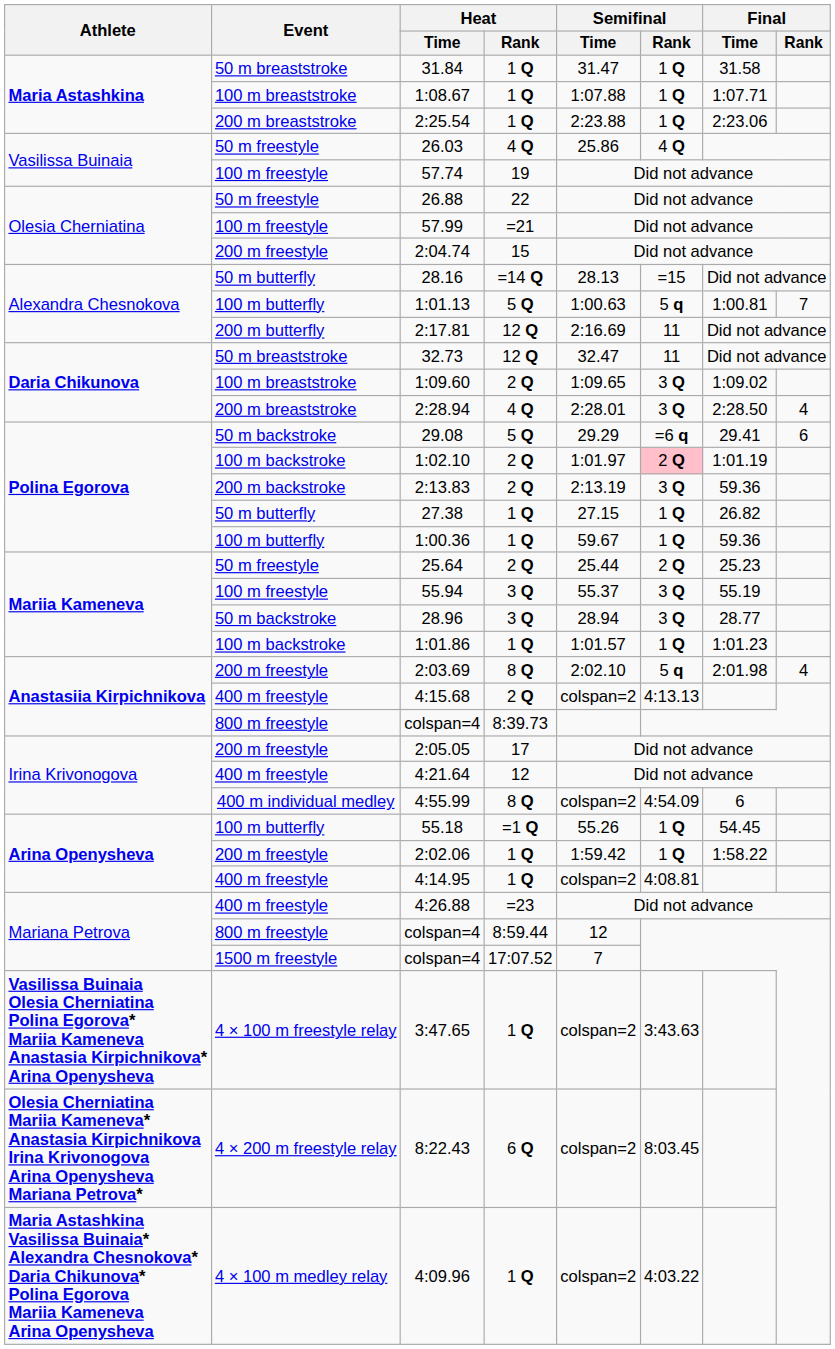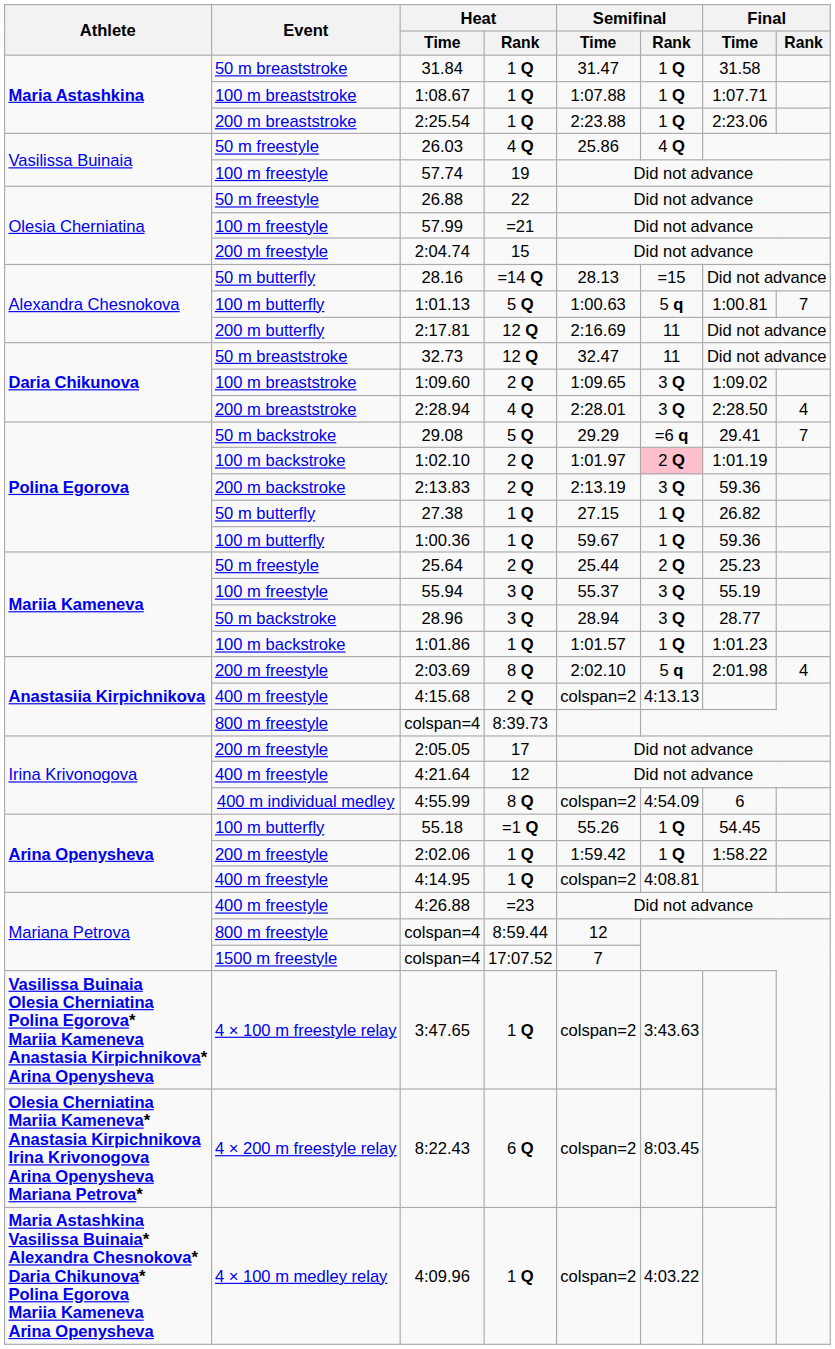 <table class="wikitable" style="text-align:center; font-size:90%">
 <tr>
 <th rowspan=2>Athlete</th>
 <th rowspan=2>Event</th>
 <th colspan=2>Heat</th>
 <th colspan=2>Semifinal</th>
 <th colspan=2>Final</th>
 </tr>
 <tr style="font-size:95%">
 <th>Time</th>
 <th>Rank</th>
 <th>Time</th>
 <th>Rank</th>
 <th>Time</th>
 <th>Rank</th>
 </tr>
 <tr>
 <td rowspan=3 align=left><strong><a href='#'>Maria Astashkina</a></strong></td>
 <td align=left><a href='#'>50 m breaststroke</a></td>
 <td>31.84</td>
 <td>1 <strong>Q</strong></td>
 <td>31.47</td>
 <td>1 <strong>Q</strong></td>
 <td>31.58</td>
 <td></td>
 </tr>
 <tr>
 <td align=left><a href='#'>100 m breaststroke</a></td>
 <td>1:08.67</td>
 <td>1 <strong>Q</strong></td>
 <td>1:07.88</td>
 <td>1 <strong>Q</strong></td>
 <td>1:07.71</td>
 <td></td>
 </tr>
 <tr>
 <td align=left><a href='#'>200 m breaststroke</a></td>
 <td>2:25.54</td>
 <td>1 <strong>Q</strong></td>
 <td>2:23.88</td>
 <td>1 <strong>Q</strong></td>
 <td>2:23.06</td>
 <td></td>
 </tr>
 <tr>
 <td rowspan=2 align=left><a href='#'>Vasilissa Buinaia</a></td>
 <td align=left><a href='#'>50 m freestyle</a></td>
 <td>26.03</td>
 <td>4 <strong>Q</strong></td>
 <td>25.86</td>
 <td>4 <strong>Q</strong></td>
 <td colspan=2></td>
 </tr>
 <tr>
 <td align=left><a href='#'>100 m freestyle</a></td>
 <td>57.74</td>
 <td>19</td>
 <td colspan=4>Did not advance</td>
 </tr>
 <tr>
 <td rowspan=3 align=left><a href='#'>Olesia Cherniatina</a></td>
 <td align=left><a href='#'>50 m freestyle</a></td>
 <td>26.88</td>
 <td>22</td>
 <td colspan=4>Did not advance</td>
 </tr>
 <tr>
 <td align=left><a href='#'>100 m freestyle</a></td>
 <td>57.99</td>
 <td>=21</td>
 <td colspan=4>Did not advance</td>
 </tr>
 <tr>
 <td align=left><a href='#'>200 m freestyle</a></td>
 <td>2:04.74</td>
 <td>15</td>
 <td colspan=4>Did not advance</td>
 </tr>
 <tr>
 <td rowspan=3 align=left><a href='#'>Alexandra Chesnokova</a></td>
 <td align=left><a href='#'>50 m butterfly</a></td>
 <td>28.16</td>
 <td>=14 <strong>Q</strong></td>
 <td>28.13</td>
 <td>=15</td>
 <td colspan=2>Did not advance</td>
 </tr>
 <tr>
 <td align=left><a href='#'>100 m butterfly</a></td>
 <td>1:01.13</td>
 <td>5 <strong>Q</strong></td>
 <td>1:00.63</td>
 <td>5 <strong>q</strong></td>
 <td>1:00.81</td>
 <td>7</td>
 </tr>
 <tr>
 <td align=left><a href='#'>200 m butterfly</a></td>
 <td>2:17.81</td>
 <td>12 <strong>Q</strong></td>
 <td>2:16.69</td>
 <td>11</td>
 <td colspan=2>Did not advance</td>
 </tr>
 <tr>
 <td rowspan=3 align=left><strong><a href='#'>Daria Chikunova</a></strong></td>
 <td align=left><a href='#'>50 m breaststroke</a></td>
 <td>32.73</td>
 <td>12 <strong>Q</strong></td>
 <td>32.47</td>
 <td>11</td>
 <td colspan=2>Did not advance</td>
 </tr>
 <tr>
 <td align=left><a href='#'>100 m breaststroke</a></td>
 <td>1:09.60</td>
 <td>2 <strong>Q</strong></td>
 <td>1:09.65</td>
 <td>3 <strong>Q</strong></td>
 <td>1:09.02</td>
 <td></td>
 </tr>
 <tr>
 <td align=left><a href='#'>200 m breaststroke</a></td>
 <td>2:28.94</td>
 <td>4 <strong>Q</strong></td>
 <td>2:28.01</td>
 <td>3 <strong>Q</strong></td>
 <td>2:28.50</td>
 <td>4</td>
 </tr>
 <tr>
 <td rowspan=5 align=left><strong><a href='#'>Polina Egorova</a></strong></td>
 <td align=left><a href='#'>50 m backstroke</a></td>
 <td>29.08</td>
 <td>5 <strong>Q</strong></td>
 <td>29.29</td>
 <td>=6 <strong>q</strong></td>
 <td>29.41</td>
-<td>6</td>
+<td>7</td>
 </tr>
 <tr>
 <td align=left><a href='#'>100 m backstroke</a></td>
 <td>1:02.10</td>
 <td>2 <strong>Q</strong></td>
 <td>1:01.97</td>
 <td style="background: pink;">2 <strong>Q</strong></td>
 <td>1:01.19</td>
 <td></td>
 </tr>
 <tr>
 <td align=left><a href='#'>200 m backstroke</a></td>
 <td>2:13.83</td>
 <td>2 <strong>Q</strong></td>
 <td>2:13.19</td>
 <td>3 <strong>Q</strong></td>
 <td>59.36</td>
 <td></td>
 </tr>
 <tr>
 <td align=left><a href='#'>50 m butterfly</a></td>
 <td>27.38</td>
 <td>1 <strong>Q</strong></td>
 <td>27.15</td>
 <td>1 <strong>Q</strong></td>
 <td>26.82</td>
 <td></td>
 </tr>
 <tr>
 <td align=left><a href='#'>100 m butterfly</a></td>
 <td>1:00.36</td>
 <td>1 <strong>Q</strong></td>
 <td>59.67</td>
 <td>1 <strong>Q</strong></td>
 <td>59.36</td>
 <td></td>
 </tr>
 <tr>
 <td rowspan=4 align=left><strong><a href='#'>Mariia Kameneva</a></strong></td>
 <td align=left><a href='#'>50 m freestyle</a></td>
 <td>25.64</td>
 <td>2 <strong>Q</strong></td>
 <td>25.44</td>
 <td>2 <strong>Q</strong></td>
 <td>25.23</td>
 <td></td>
 </tr>
 <tr>
 <td align=left><a href='#'>100 m freestyle</a></td>
 <td>55.94</td>
 <td>3 <strong>Q</strong></td>
 <td>55.37</td>
 <td>3 <strong>Q</strong></td>
 <td>55.19</td>
 <td></td>
 </tr>
 <tr>
 <td align=left><a href='#'>50 m backstroke</a></td>
 <td>28.96</td>
 <td>3 <strong>Q</strong></td>
 <td>28.94</td>
 <td>3 <strong>Q</strong></td>
 <td>28.77</td>
 <td></td>
 </tr>
 <tr>
 <td align=left><a href='#'>100 m backstroke</a></td>
 <td>1:01.86</td>
 <td>1 <strong>Q</strong></td>
 <td>1:01.57</td>
 <td>1 <strong>Q</strong></td>
 <td>1:01.23</td>
 <td></td>
 </tr>
 <tr>
 <td rowspan=3 align=left><strong><a href='#'>Anastasiia Kirpichnikova</a></strong></td>
 <td align=left><a href='#'>200 m freestyle</a></td>
 <td>2:03.69</td>
 <td>8 <strong>Q</strong></td>
 <td>2:02.10</td>
 <td>5 <strong>q</strong></td>
 <td>2:01.98</td>
 <td>4</td>
 </tr>
 <tr>
 <td align=left><a href='#'>400 m freestyle</a></td>
 <td>4:15.68</td>
 <td>2 <strong>Q</strong></td>
 <td>colspan=2 </td>
 <td>4:13.13</td>
 <td></td>
 </tr>
 <tr>
 <td align=left><a href='#'>800 m freestyle</a></td>
 <td>colspan=4 </td>
 <td>8:39.73</td>
 <td></td>
 </tr>
 <tr>
 <td rowspan=3 align=left><a href='#'>Irina Krivonogova</a></td>
 <td align=left><a href='#'>200 m freestyle</a></td>
 <td>2:05.05</td>
 <td>17</td>
 <td colspan=4>Did not advance</td>
 </tr>
 <tr>
 <td align=left><a href='#'>400 m freestyle</a></td>
 <td>4:21.64</td>
 <td>12</td>
 <td colspan=4>Did not advance</td>
 </tr>
 <tr>
 <td><a href='#'>400 m individual medley</a></td>
 <td>4:55.99</td>
 <td>8 <strong>Q</strong></td>
 <td>colspan=2 </td>
 <td>4:54.09</td>
 <td>6</td>
 </tr>
 <tr>
 <td rowspan=3 align=left><strong><a href='#'>Arina Openysheva</a></strong></td>
 <td align=left><a href='#'>100 m butterfly</a></td>
 <td>55.18</td>
 <td>=1 <strong>Q</strong></td>
 <td>55.26</td>
 <td>1 <strong>Q</strong></td>
 <td>54.45</td>
 <td></td>
 </tr>
 <tr>
 <td align=left><a href='#'>200 m freestyle</a></td>
 <td>2:02.06</td>
 <td>1 <strong>Q</strong></td>
 <td>1:59.42</td>
 <td>1 <strong>Q</strong></td>
 <td>1:58.22</td>
 <td></td>
 </tr>
 <tr>
 <td align=left><a href='#'>400 m freestyle</a></td>
 <td>4:14.95</td>
 <td>1 <strong>Q</strong></td>
 <td>colspan=2 </td>
 <td>4:08.81</td>
 <td></td>
 </tr>
 <tr>
 <td rowspan=3 align=left><a href='#'>Mariana Petrova</a></td>
 <td align=left><a href='#'>400 m freestyle</a></td>
 <td>4:26.88</td>
 <td>=23</td>
 <td colspan=4>Did not advance</td>
 </tr>
 <tr>
 <td align=left><a href='#'>800 m freestyle</a></td>
 <td>colspan=4 </td>
 <td>8:59.44</td>
 <td>12</td>
 </tr>
 <tr>
 <td align=left><a href='#'>1500 m freestyle</a></td>
 <td>colspan=4 </td>
 <td>17:07.52</td>
 <td>7</td>
 </tr>
 <tr>
 <td align=left><strong><a href='#'>Vasilissa Buinaia</a><br><a href='#'>Olesia Cherniatina</a><br><a href='#'>Polina Egorova</a>*<br><a href='#'>Mariia Kameneva</a><br><a href='#'>Anastasia Kirpichnikova</a>*<br><a href='#'>Arina Openysheva</a></strong></td>
 <td align=left><a href='#'>4 × 100 m freestyle relay</a></td>
 <td>3:47.65</td>
 <td>1 <strong>Q</strong></td>
 <td>colspan=2 </td>
 <td>3:43.63</td>
 <td></td>
 </tr>
 <tr>
 <td align=left><strong><a href='#'>Olesia Cherniatina</a><br><a href='#'>Mariia Kameneva</a>*<br><a href='#'>Anastasia Kirpichnikova</a><br><a href='#'>Irina Krivonogova</a><br><a href='#'>Arina Openysheva</a><br><a href='#'>Mariana Petrova</a>*</strong></td>
 <td align=left><a href='#'>4 × 200 m freestyle relay</a></td>
 <td>8:22.43</td>
 <td>6 <strong>Q</strong></td>
 <td>colspan=2 </td>
 <td>8:03.45</td>
 <td></td>
 </tr>
 <tr>
 <td align=left><strong><a href='#'>Maria Astashkina</a><br><a href='#'>Vasilissa Buinaia</a>*<br><a href='#'>Alexandra Chesnokova</a>*<br><a href='#'>Daria Chikunova</a>*<br><a href='#'>Polina Egorova</a><br><a href='#'>Mariia Kameneva</a><br><a href='#'>Arina Openysheva</a></strong></td>
 <td align=left><a href='#'>4 × 100 m medley relay</a></td>
 <td>4:09.96</td>
 <td>1 <strong>Q</strong></td>
 <td>colspan=2 </td>
 <td>4:03.22</td>
 <td></td>
 </tr>
 </table>
